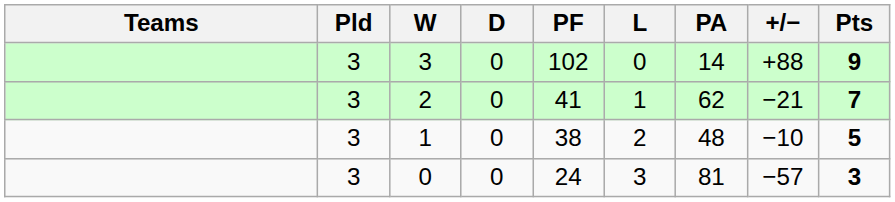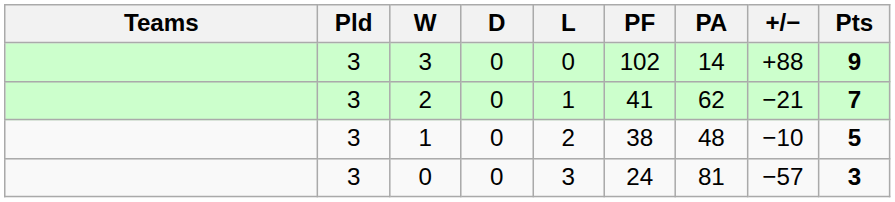 <table class="wikitable" style="text-align: center;">
 <tr>
 <th style="width:200px;">Teams</th>
 <th width="40">Pld</th>
 <th width="40">W</th>
 <th width="40">D</th>
+<th width="40">L</th>
 <th width="40">PF</th>
-<th width="40">L</th>
 <th width="40">PA</th>
 <th width="40">+/−</th>
 <th width="40">Pts</th>
 </tr>
 <tr bgcolor=ccffcc>
 <td align=left></td>
 <td>3</td>
 <td>3</td>
 <td>0</td>
+<td>0</td>
 <td>102</td>
-<td>0</td>
 <td>14</td>
 <td>+88</td>
 <td><strong>9</strong></td>
 </tr>
 <tr bgcolor=ccffcc>
 <td align=left></td>
 <td>3</td>
 <td>2</td>
 <td>0</td>
+<td>1</td>
 <td>41</td>
-<td>1</td>
 <td>62</td>
 <td>−21</td>
 <td><strong>7</strong></td>
 </tr>
 <tr>
 <td align=left></td>
 <td>3</td>
 <td>1</td>
 <td>0</td>
+<td>2</td>
 <td>38</td>
-<td>2</td>
 <td>48</td>
 <td>−10</td>
 <td><strong>5</strong></td>
 </tr>
 <tr>
 <td align=left></td>
 <td>3</td>
 <td>0</td>
 <td>0</td>
+<td>3</td>
 <td>24</td>
-<td>3</td>
 <td>81</td>
 <td>−57</td>
 <td><strong>3</strong></td>
 </tr>
 </table>
